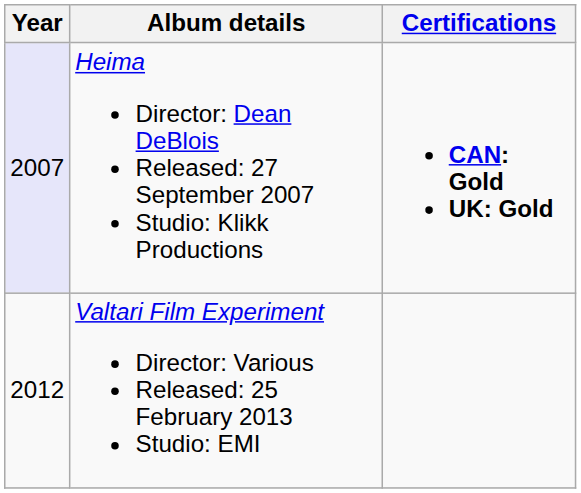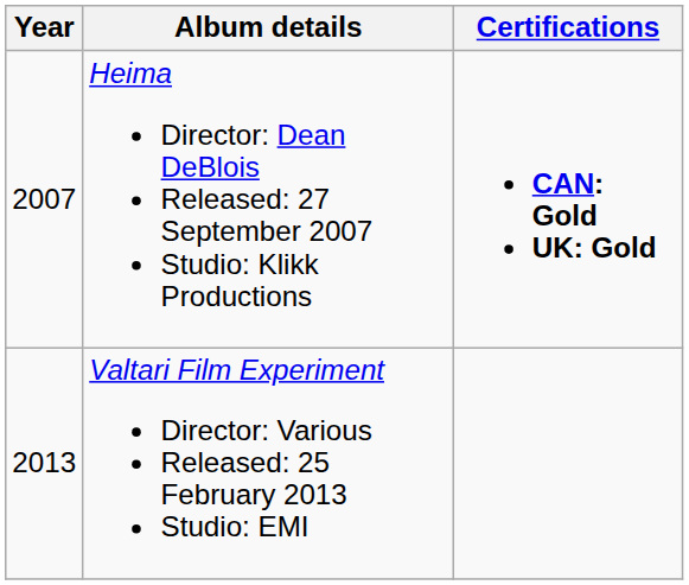 <table class="wikitable">
 <tr>
 <th>Year</th>
 <th style="width:200px;">Album details</th>
 <th style="width:120px;"><a href='#'>Certifications</a></th>
 </tr>
 <tr>
-<td style="background: lavender; text-align:center;">2007</td>
+<td style="text-align:center;">2007</td>
 <td><em><a href='#'>Heima</a></em><br><ul><li>Director: <a href='#'>Dean DeBlois</a></li><li>Released: 27 September 2007</li><li>Studio: Klikk Productions</li></ul></td>
 <td><strong><br><ul><li><a href='#'>CAN</a>: Gold</li><li>UK: Gold</li></ul></strong></td>
 </tr>
 <tr>
-<td style="text-align:center;">2012</td>
+<td style="text-align:center;">2013</td>
 <td><em><a href='#'>Valtari Film Experiment</a></em><br><ul><li>Director: Various</li><li>Released: 25 February 2013</li><li>Studio: EMI</li></ul></td>
 <td></td>
 </tr>
 </table>
